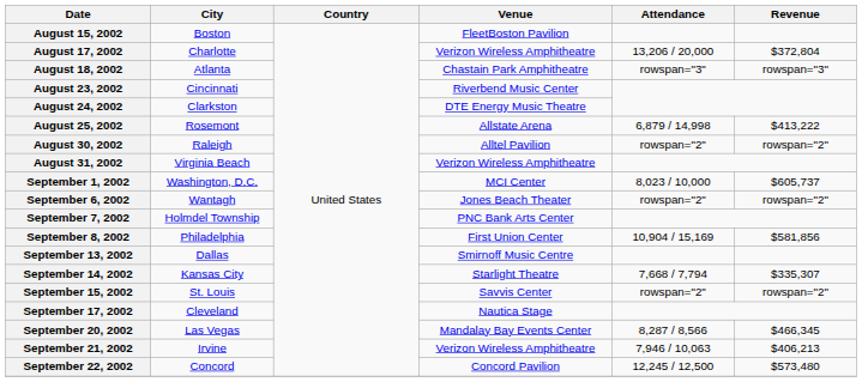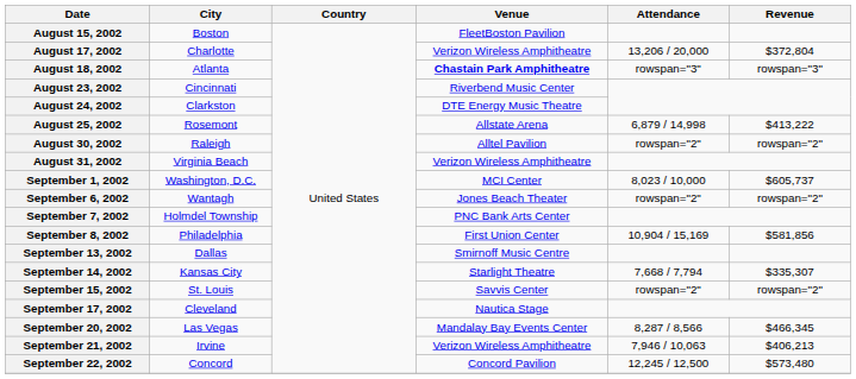 <table class="wikitable plainrowheaders" style="text-align:center;">
 <tr>
 <th scope="col" style="width:12em;">Date</th>
 <th scope="col" style="width:10em;">City</th>
 <th scope="col" style="width:12em;">Country</th>
 <th scope="col" style="width:16em;">Venue</th>
 <th scope="col" style="width:10em;">Attendance</th>
 <th scope="col" style="width:10em;">Revenue</th>
 </tr>
 <tr>
 <th scope="row">August 15, 2002</th>
 <td><a href='#'>Boston</a></td>
 <td rowspan="19">United States</td>
 <td><a href='#'>FleetBoston Pavilion</a></td>
 <td></td>
 <td></td>
 </tr>
 <tr>
 <th scope="row">August 17, 2002</th>
 <td><a href='#'>Charlotte</a></td>
 <td><a href='#'>Verizon Wireless Amphitheatre</a></td>
 <td>13,206 / 20,000</td>
 <td>$372,804</td>
 </tr>
 <tr>
 <th scope="row">August 18, 2002</th>
 <td><a href='#'>Atlanta</a></td>
-<td><a href='#'>Chastain Park Amphitheatre</a></td>
+<td><strong><a href='#'>Chastain Park Amphitheatre</a></strong></td>
 <td>rowspan="3" </td>
 <td>rowspan="3" </td>
 </tr>
 <tr>
 <th scope="row">August 23, 2002</th>
 <td><a href='#'>Cincinnati</a></td>
 <td><a href='#'>Riverbend Music Center</a></td>
 </tr>
 <tr>
 <th scope="row">August 24, 2002</th>
 <td><a href='#'>Clarkston</a></td>
 <td><a href='#'>DTE Energy Music Theatre</a></td>
 </tr>
 <tr>
 <th scope="row">August 25, 2002</th>
 <td><a href='#'>Rosemont</a></td>
 <td><a href='#'>Allstate Arena</a></td>
 <td>6,879 / 14,998</td>
 <td>$413,222</td>
 </tr>
 <tr>
 <th scope="row">August 30, 2002</th>
 <td><a href='#'>Raleigh</a></td>
 <td><a href='#'>Alltel Pavilion</a></td>
 <td>rowspan="2" </td>
 <td>rowspan="2" </td>
 </tr>
 <tr>
 <th scope="row">August 31, 2002</th>
 <td><a href='#'>Virginia Beach</a></td>
 <td><a href='#'>Verizon Wireless Amphitheatre</a></td>
 </tr>
 <tr>
 <th scope="row">September 1, 2002</th>
 <td><a href='#'>Washington, D.C.</a></td>
 <td><a href='#'>MCI Center</a></td>
 <td>8,023 / 10,000</td>
 <td>$605,737</td>
 </tr>
 <tr>
 <th scope="row">September 6, 2002</th>
 <td><a href='#'>Wantagh</a></td>
 <td><a href='#'>Jones Beach Theater</a></td>
 <td>rowspan="2" </td>
 <td>rowspan="2" </td>
 </tr>
 <tr>
 <th scope="row">September 7, 2002</th>
 <td><a href='#'>Holmdel Township</a></td>
 <td><a href='#'>PNC Bank Arts Center</a></td>
 </tr>
 <tr>
 <th scope="row">September 8, 2002</th>
 <td><a href='#'>Philadelphia</a></td>
 <td><a href='#'>First Union Center</a></td>
 <td>10,904 / 15,169</td>
 <td>$581,856</td>
 </tr>
 <tr>
 <th scope="row">September 13, 2002</th>
 <td><a href='#'>Dallas</a></td>
 <td><a href='#'>Smirnoff Music Centre</a></td>
 <td></td>
 <td></td>
 </tr>
 <tr>
 <th scope="row">September 14, 2002</th>
 <td><a href='#'>Kansas City</a></td>
 <td><a href='#'>Starlight Theatre</a></td>
 <td>7,668 / 7,794</td>
 <td>$335,307</td>
 </tr>
 <tr>
 <th scope="row">September 15, 2002</th>
 <td><a href='#'>St. Louis</a></td>
 <td><a href='#'>Savvis Center</a></td>
 <td>rowspan="2" </td>
 <td>rowspan="2" </td>
 </tr>
 <tr>
 <th scope="row">September 17, 2002</th>
 <td><a href='#'>Cleveland</a></td>
 <td><a href='#'>Nautica Stage</a></td>
 </tr>
 <tr>
 <th scope="row">September 20, 2002</th>
 <td><a href='#'>Las Vegas</a></td>
 <td><a href='#'>Mandalay Bay Events Center</a></td>
 <td>8,287 / 8,566</td>
 <td>$466,345</td>
 </tr>
 <tr>
 <th scope="row">September 21, 2002</th>
 <td><a href='#'>Irvine</a></td>
 <td><a href='#'>Verizon Wireless Amphitheatre</a></td>
 <td>7,946 / 10,063</td>
 <td>$406,213</td>
 </tr>
 <tr>
 <th scope="row">September 22, 2002</th>
 <td><a href='#'>Concord</a></td>
 <td><a href='#'>Concord Pavilion</a></td>
 <td>12,245 / 12,500</td>
 <td>$573,480</td>
 </tr>
 <tr>
 </tr>
 </table>
